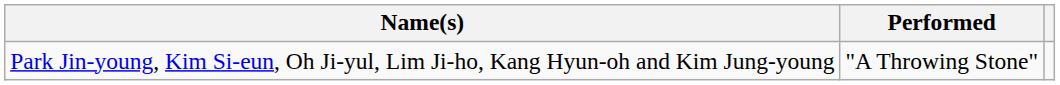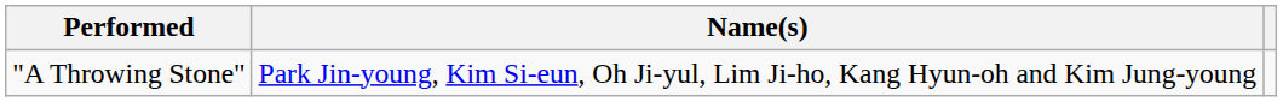 <table class="wikitable sortable">
 <tr>
+<th>Performed</th>
 <th>Name(s)</th>
-<th>Performed</th>
 <th class="unsortable"></th>
 </tr>
 <tr>
+<td>"A Throwing Stone"</td>
 <td><a href='#'>Park Jin-young</a>, <a href='#'>Kim Si-eun</a>, Oh Ji-yul, Lim Ji-ho, Kang Hyun-oh and Kim Jung-young</td>
-<td>"A Throwing Stone"</td>
 <td></td>
 </tr>
 </table>
